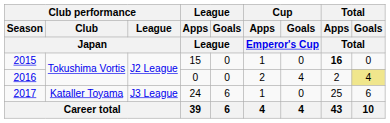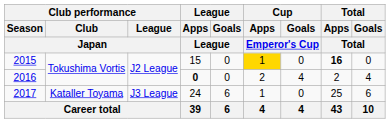 <table class="wikitable" style="text-align:center">
 <tr>
 <th colspan=3>Club performance</th>
 <th colspan=2>League</th>
 <th colspan=2>Cup</th>
 <th colspan=2>Total</th>
 </tr>
 <tr>
 <th>Season</th>
 <th>Club</th>
 <th>League</th>
 <th>Apps</th>
 <th>Goals</th>
 <th>Apps</th>
 <th>Goals</th>
 <th>Apps</th>
 <th>Goals</th>
 </tr>
 <tr>
 <th colspan=3>Japan</th>
 <th colspan=2>League</th>
 <th colspan=2><a href='#'>Emperor's Cup</a></th>
 <th colspan=2>Total</th>
 </tr>
 <tr>
 <td><a href='#'>2015</a></td>
 <td rowspan="2"><a href='#'>Tokushima Vortis</a></td>
 <td rowspan="2"><a href='#'>J2 League</a></td>
 <td>15</td>
 <td>0</td>
-<td>1</td>
+<td style="background: gold;">1</td>
 <td>0</td>
 <td><strong>16</strong></td>
 <td>0</td>
 </tr>
 <tr>
 <td><a href='#'>2016</a></td>
-<td>0</td>
+<td><strong>0</strong></td>
 <td>0</td>
 <td>2</td>
 <td>4</td>
 <td>2</td>
-<td style="background: khaki;">4</td>
+<td>4</td>
 </tr>
 <tr>
 <td><a href='#'>2017</a></td>
 <td rowspan="1"><a href='#'>Kataller Toyama</a></td>
 <td rowspan="1"><a href='#'>J3 League</a></td>
 <td>24</td>
 <td>6</td>
 <td>1</td>
 <td>0</td>
 <td>25</td>
 <td>6</td>
 </tr>
 <tr>
 <th colspan=3>Career total</th>
 <th>39</th>
 <th>6</th>
 <th>4</th>
 <th>4</th>
 <th>43</th>
 <th>10</th>
 </tr>
 </table>
